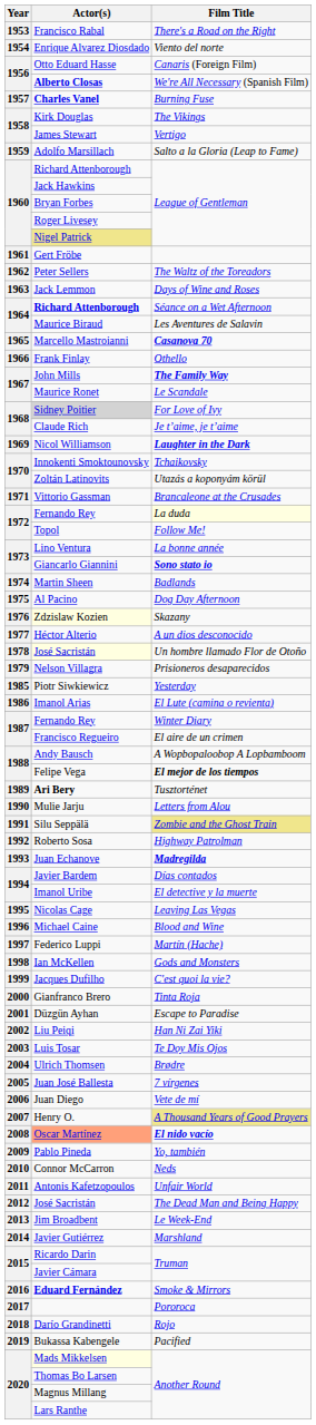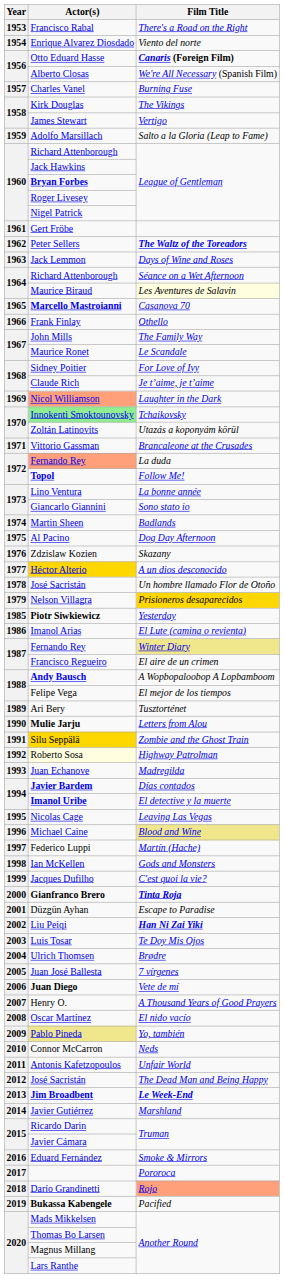 <table class="sortable wikitable">
 <tr>
 <th>Year</th>
 <th>Actor(s)</th>
 <th>Film Title</th>
 </tr>
 <tr>
 <th>1953</th>
 <td><a href='#'>Francisco Rabal</a></td>
 <td><a href='#'><em>There's a Road on the Right</em></a></td>
 </tr>
 <tr>
 <th>1954</th>
 <td><a href='#'>Enrique Alvarez Diosdado</a></td>
 <td><em>Viento del norte</em></td>
 </tr>
 <tr>
 <th rowspan="2">1956</th>
 <td><a href='#'>Otto Eduard Hasse</a></td>
-<td><a href='#'><em>Canaris</em></a> (Foreign Film)</td>
+<td><strong><a href='#'><em>Canaris</em></a> (Foreign Film)</strong></td>
 </tr>
 <tr>
-<td><strong><a href='#'>Alberto Closas</a></strong></td>
+<td><a href='#'>Alberto Closas</a></td>
 <td><a href='#'><em>We're All Necessary</em></a> (Spanish Film)</td>
 </tr>
 <tr>
 <th>1957</th>
-<td><strong><a href='#'>Charles Vanel</a></strong></td>
+<td><a href='#'>Charles Vanel</a></td>
 <td><a href='#'><em>Burning Fuse</em></a></td>
 </tr>
 <tr>
 <th rowspan="2">1958</th>
 <td><a href='#'>Kirk Douglas</a></td>
 <td><a href='#'><em>The Vikings</em></a></td>
 </tr>
 <tr>
 <td><a href='#'>James Stewart</a></td>
 <td><a href='#'><em>Vertigo</em></a></td>
 </tr>
 <tr>
 <th>1959</th>
 <td><a href='#'>Adolfo Marsillach</a></td>
 <td><em>Salto a la Gloria (Leap to Fame)</em></td>
 </tr>
 <tr>
 <th rowspan="5">1960</th>
 <td><a href='#'>Richard Attenborough</a></td>
 <td rowspan="5"><em><a href='#'>League of Gentleman</a></em></td>
 </tr>
 <tr>
 <td><a href='#'>Jack Hawkins</a></td>
 </tr>
 <tr>
-<td><a href='#'>Bryan Forbes</a></td>
+<td><strong><a href='#'>Bryan Forbes</a></strong></td>
 </tr>
 <tr>
 <td><a href='#'>Roger Livesey</a></td>
 </tr>
 <tr>
-<td style="background: khaki;"><a href='#'>Nigel Patrick</a></td>
+<td><a href='#'>Nigel Patrick</a></td>
 </tr>
 <tr>
 <th>1961</th>
 <td><a href='#'>Gert Fröbe</a></td>
 <td><em></em></td>
 </tr>
 <tr>
 <th>1962</th>
 <td><a href='#'>Peter Sellers</a></td>
-<td><em><a href='#'>The Waltz of the Toreadors</a></em></td>
+<td><strong><em><a href='#'>The Waltz of the Toreadors</a></em></strong></td>
 </tr>
 <tr>
 <th>1963</th>
 <td><a href='#'>Jack Lemmon</a></td>
 <td><a href='#'><em>Days of Wine and Roses</em></a></td>
 </tr>
 <tr>
 <th rowspan="2">1964</th>
-<td><strong><a href='#'>Richard Attenborough</a></strong></td>
+<td><a href='#'>Richard Attenborough</a></td>
 <td><em><a href='#'>Séance on a Wet Afternoon</a></em></td>
 </tr>
 <tr>
 <td><a href='#'>Maurice Biraud</a></td>
-<td><em>Les Aventures de Salavin</em></td>
+<td style="background: lightyellow;"><em>Les Aventures de Salavin</em></td>
 </tr>
 <tr>
 <th>1965</th>
-<td><a href='#'>Marcello Mastroianni</a></td>
-<td><strong><em><a href='#'>Casanova 70</a></em></strong></td>
+<td><strong><a href='#'>Marcello Mastroianni</a></strong></td>
+<td><em><a href='#'>Casanova 70</a></em></td>
 </tr>
 <tr>
 <th>1966</th>
 <td><a href='#'>Frank Finlay</a></td>
 <td><a href='#'><em>Othello</em></a></td>
 </tr>
 <tr>
 <th rowspan="2">1967</th>
 <td><a href='#'>John Mills</a></td>
-<td><strong><em><a href='#'>The Family Way</a></em></strong></td>
+<td><em><a href='#'>The Family Way</a></em></td>
 </tr>
 <tr>
 <td><a href='#'>Maurice Ronet</a></td>
 <td><a href='#'><em>Le Scandale</em></a></td>
 </tr>
 <tr>
 <th rowspan="2">1968</th>
-<td style="background: lightgrey;"><a href='#'>Sidney Poitier</a></td>
+<td><a href='#'>Sidney Poitier</a></td>
 <td><em><a href='#'>For Love of Ivy</a></em></td>
 </tr>
 <tr>
 <td><a href='#'>Claude Rich</a></td>
 <td><em><a href='#'>Je t’aime, je t’aime</a></em></td>
 </tr>
 <tr>
 <th>1969</th>
-<td><a href='#'>Nicol Williamson</a></td>
-<td><strong><a href='#'><em>Laughter in the Dark</em></a></strong></td>
+<td style="background: lightsalmon;"><a href='#'>Nicol Williamson</a></td>
+<td><a href='#'><em>Laughter in the Dark</em></a></td>
 </tr>
 <tr>
 <th rowspan="2">1970</th>
-<td><a href='#'>Innokenti Smoktounovsky</a></td>
+<td style="background: lightgreen;"><a href='#'>Innokenti Smoktounovsky</a></td>
 <td><a href='#'><em>Tchaikovsky</em></a></td>
 </tr>
 <tr>
 <td><a href='#'>Zoltán Latinovits</a></td>
 <td><em>Utazás a koponyám körül</em></td>
 </tr>
 <tr>
 <th>1971</th>
 <td><a href='#'>Vittorio Gassman</a></td>
 <td><a href='#'><em>Brancaleone at the Crusades</em></a></td>
 </tr>
 <tr>
 <th rowspan="2">1972</th>
-<td><a href='#'>Fernando Rey</a></td>
-<td style="background: lightyellow;"><em>La duda</em></td>
+<td style="background: lightsalmon;"><a href='#'>Fernando Rey</a></td>
+<td><em>La duda</em></td>
 </tr>
 <tr>
-<td><a href='#'>Topol</a></td>
+<td><strong><a href='#'>Topol</a></strong></td>
 <td><a href='#'><em>Follow Me!</em></a></td>
 </tr>
 <tr>
 <th rowspan="2">1973</th>
 <td><a href='#'>Lino Ventura</a></td>
 <td><em><a href='#'>La bonne année</a></em></td>
 </tr>
 <tr>
 <td><a href='#'>Giancarlo Giannini</a></td>
-<td><strong><em><a href='#'>Sono stato io</a></em></strong></td>
+<td><em><a href='#'>Sono stato io</a></em></td>
 </tr>
 <tr>
 <th>1974</th>
 <td><a href='#'>Martin Sheen</a></td>
 <td><a href='#'><em>Badlands</em></a></td>
 </tr>
 <tr>
 <th>1975</th>
 <td><a href='#'>Al Pacino</a></td>
 <td><em><a href='#'>Dog Day Afternoon</a></em></td>
 </tr>
 <tr>
 <th>1976</th>
-<td style="background: lightyellow;">Zdzislaw Kozien</td>
+<td>Zdzislaw Kozien</td>
 <td><em>Skazany</em></td>
 </tr>
 <tr>
 <th>1977</th>
-<td><a href='#'>Héctor Alterio</a></td>
+<td style="background: gold;"><a href='#'>Héctor Alterio</a></td>
 <td><em><a href='#'>A un dios desconocido</a></em></td>
 </tr>
 <tr>
 <th>1978</th>
-<td style="background: lightyellow;"><a href='#'>José Sacristán</a></td>
+<td><a href='#'>José Sacristán</a></td>
 <td><em>Un hombre llamado Flor de Otoño</em></td>
 </tr>
 <tr>
 <th>1979</th>
 <td><a href='#'>Nelson Villagra</a></td>
-<td><em>Prisioneros desaparecidos</em></td>
+<td style="background: gold;"><em>Prisioneros desaparecidos</em></td>
 </tr>
 <tr>
 <th>1985</th>
-<td>Piotr Siwkiewicz</td>
+<td><strong>Piotr Siwkiewicz</strong></td>
 <td><em><a href='#'>Yesterday</a></em></td>
 </tr>
 <tr>
 <th>1986</th>
 <td><a href='#'>Imanol Arias</a></td>
 <td><a href='#'><em>El Lute (camina o revienta)</em></a></td>
 </tr>
 <tr>
 <th rowspan="2">1987</th>
 <td><a href='#'>Fernando Rey</a></td>
-<td><em><a href='#'>Winter Diary</a></em></td>
+<td style="background: khaki;"><em><a href='#'>Winter Diary</a></em></td>
 </tr>
 <tr>
 <td><a href='#'>Francisco Regueiro</a></td>
 <td><em>El aire de un crimen</em></td>
 </tr>
 <tr>
 <th rowspan="2">1988</th>
-<td><a href='#'>Andy Bausch</a></td>
+<td><strong><a href='#'>Andy Bausch</a></strong></td>
 <td><em>A Wopbopaloobop A Lopbamboom</em></td>
 </tr>
 <tr>
 <td>Felipe Vega</td>
-<td><strong><em>El mejor de los tiempos</em></strong></td>
+<td><em>El mejor de los tiempos</em></td>
 </tr>
 <tr>
 <th>1989</th>
-<td><strong>Ari Bery</strong></td>
+<td>Ari Bery</td>
 <td><em>Tusztorténet</em></td>
 </tr>
 <tr>
 <th>1990</th>
-<td>Mulie Jarju</td>
+<td><strong>Mulie Jarju</strong></td>
 <td><em><a href='#'>Letters from Alou</a></em></td>
 </tr>
 <tr>
 <th>1991</th>
-<td>Silu Seppälä</td>
-<td style="background: khaki;"><a href='#'><em>Zombie and the Ghost Train</em></a></td>
+<td style="background: gold;">Silu Seppälä</td>
+<td><a href='#'><em>Zombie and the Ghost Train</em></a></td>
 </tr>
 <tr>
 <th>1992</th>
-<td>Roberto Sosa</td>
+<td style="background: lightyellow;">Roberto Sosa</td>
 <td><em><a href='#'>Highway Patrolman</a></em></td>
 </tr>
 <tr>
 <th>1993</th>
 <td><a href='#'>Juan Echanove</a></td>
-<td><strong><em><a href='#'>Madregilda</a></em></strong></td>
+<td><em><a href='#'>Madregilda</a></em></td>
 </tr>
 <tr>
 <th rowspan="2">1994</th>
-<td><a href='#'>Javier Bardem</a></td>
+<td><strong><a href='#'>Javier Bardem</a></strong></td>
 <td><em><a href='#'>Días contados</a></em></td>
 </tr>
 <tr>
-<td><a href='#'>Imanol Uribe</a></td>
+<td><strong><a href='#'>Imanol Uribe</a></strong></td>
 <td><em><a href='#'>El detective y la muerte</a></em></td>
 </tr>
 <tr>
 <th>1995</th>
 <td><a href='#'>Nicolas Cage</a></td>
 <td><em><a href='#'>Leaving Las Vegas</a></em></td>
 </tr>
 <tr>
 <th>1996</th>
 <td><a href='#'>Michael Caine</a></td>
-<td><em><a href='#'>Blood and Wine</a></em></td>
+<td style="background: khaki;"><em><a href='#'>Blood and Wine</a></em></td>
 </tr>
 <tr>
 <th>1997</th>
 <td>Federico Luppi</td>
 <td><a href='#'><em>Martín (Hache)</em></a></td>
 </tr>
 <tr>
 <th>1998</th>
 <td><a href='#'>Ian McKellen</a></td>
 <td><a href='#'><em>Gods and Monsters</em></a></td>
 </tr>
 <tr>
 <th>1999</th>
 <td><a href='#'>Jacques Dufilho</a></td>
 <td><em><a href='#'>C'est quoi la vie?</a> </em></td>
 </tr>
 <tr>
 <th>2000</th>
-<td>Gianfranco Brero</td>
-<td><a href='#'><em>Tinta Roja</em></a></td>
+<td><strong>Gianfranco Brero</strong></td>
+<td><strong><a href='#'><em>Tinta Roja</em></a></strong></td>
 </tr>
 <tr>
 <th>2001</th>
 <td>Düzgün Ayhan</td>
 <td><em>Escape to Paradise</em></td>
 </tr>
 <tr>
 <th>2002</th>
 <td><a href='#'>Liu Peiqi</a></td>
-<td><a href='#'><em>Han Ni Zai Yiki</em></a></td>
+<td><strong><a href='#'><em>Han Ni Zai Yiki</em></a></strong></td>
 </tr>
 <tr>
 <th>2003</th>
 <td><a href='#'>Luis Tosar</a></td>
 <td><a href='#'><em>Te Doy Mis Ojos</em></a></td>
 </tr>
 <tr>
 <th>2004</th>
 <td><a href='#'>Ulrich Thomsen</a></td>
 <td><em><a href='#'>Brødre</a></em></td>
 </tr>
 <tr>
 <th>2005</th>
 <td><a href='#'>Juan José Ballesta</a></td>
 <td><a href='#'><em>7 vírgenes</em></a></td>
 </tr>
 <tr>
 <th>2006</th>
-<td>Juan Diego</td>
+<td><strong>Juan Diego</strong></td>
 <td><em><a href='#'>Vete de mí</a></em></td>
 </tr>
 <tr>
 <th>2007</th>
 <td>Henry O.</td>
-<td style="background: khaki;"><em><a href='#'>A Thousand Years of Good Prayers</a></em></td>
+<td><em><a href='#'>A Thousand Years of Good Prayers</a></em></td>
 </tr>
 <tr>
 <th>2008</th>
-<td style="background: lightsalmon;"><a href='#'>Oscar Martínez</a></td>
-<td><strong><em><a href='#'>El nido vacío</a></em></strong></td>
+<td><a href='#'>Oscar Martínez</a></td>
+<td><em><a href='#'>El nido vacío</a></em></td>
 </tr>
 <tr>
 <th>2009</th>
-<td><a href='#'>Pablo Pineda</a></td>
+<td style="background: khaki;"><a href='#'>Pablo Pineda</a></td>
 <td><em><a href='#'>Yo, también</a></em></td>
 </tr>
 <tr>
 <th>2010</th>
 <td>Connor McCarron</td>
 <td><a href='#'><em>Neds</em></a></td>
 </tr>
 <tr>
 <th>2011</th>
 <td><a href='#'>Antonis Kafetzopoulos</a></td>
 <td><em><a href='#'>Unfair World</a></em></td>
 </tr>
 <tr>
 <th>2012</th>
 <td><a href='#'>José Sacristán</a></td>
 <td><em><a href='#'>The Dead Man and Being Happy</a></em></td>
 </tr>
 <tr>
 <th>2013</th>
-<td><a href='#'>Jim Broadbent</a></td>
-<td><em><a href='#'>Le Week-End</a></em></td>
+<td><strong><a href='#'>Jim Broadbent</a></strong></td>
+<td><strong><em><a href='#'>Le Week-End</a></em></strong></td>
 </tr>
 <tr>
 <th>2014</th>
 <td><a href='#'>Javier Gutiérrez</a></td>
 <td><a href='#'><em>Marshland</em></a></td>
 </tr>
 <tr>
 <th rowspan="2">2015</th>
 <td><a href='#'>Ricardo Darin</a></td>
 <td rowspan="2"><a href='#'><em>Truman</em></a></td>
 </tr>
 <tr>
 <td><a href='#'>Javier Cámara</a></td>
 </tr>
 <tr>
 <th>2016</th>
-<td><strong><a href='#'>Eduard Fernández</a></strong></td>
+<td><a href='#'>Eduard Fernández</a></td>
 <td><a href='#'><em>Smoke & Mirrors</em></a></td>
 </tr>
 <tr>
 <th>2017</th>
 <td></td>
 <td><em><a href='#'>Pororoca</a></em></td>
 </tr>
 <tr>
 <th>2018</th>
 <td><a href='#'>Darío Grandinetti</a></td>
-<td><em><a href='#'>Rojo</a></em></td>
+<td style="background: lightsalmon;"><em><a href='#'>Rojo</a></em></td>
 </tr>
 <tr>
 <th>2019</th>
-<td>Bukassa Kabengele</td>
+<td><strong>Bukassa Kabengele</strong></td>
 <td><em>Pacified</em></td>
 </tr>
 <tr>
 <th rowspan="4">2020</th>
-<td style="background: lightyellow;"><a href='#'>Mads Mikkelsen</a></td>
+<td><a href='#'>Mads Mikkelsen</a></td>
 <td rowspan="4"><a href='#'><em>Another Round</em></a></td>
 </tr>
 <tr>
 <td><a href='#'>Thomas Bo Larsen</a></td>
 </tr>
 <tr>
 <td>Magnus Millang</td>
 </tr>
 <tr>
 <td><a href='#'>Lars Ranthe</a></td>
 </tr>
 </table>
